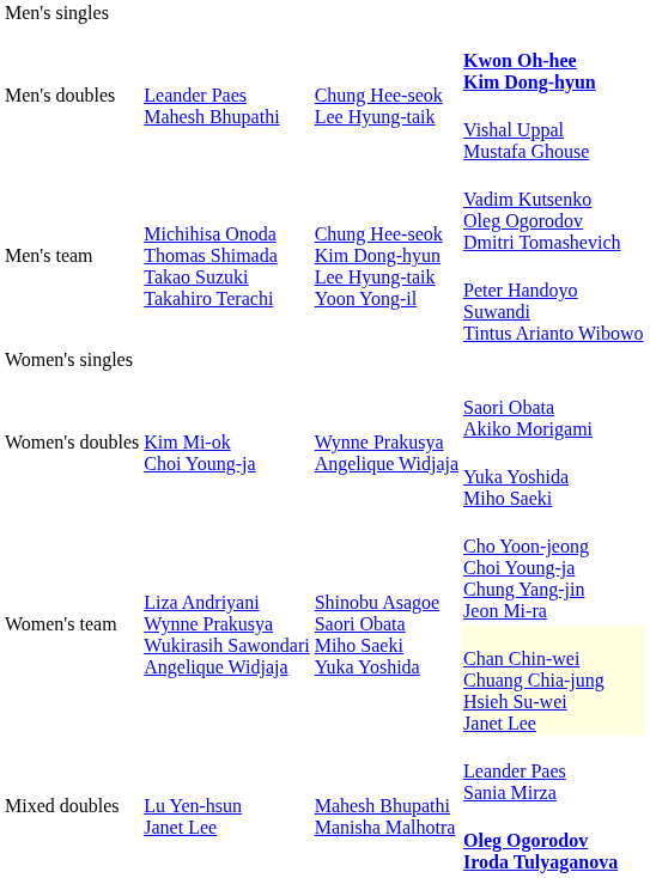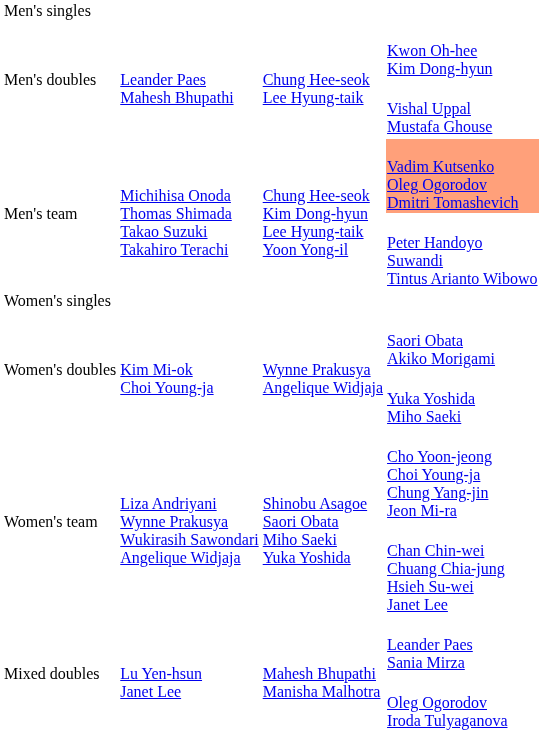 <table>
 <tr>
 <td rowspan=2>Men's singles<br></td>
 <td rowspan=2></td>
 <td rowspan=2></td>
 <td></td>
 </tr>
 <tr>
 <td></td>
 </tr>
 <tr>
 <td rowspan=2>Men's doubles<br></td>
 <td rowspan=2><br><a href='#'>Leander Paes</a><br><a href='#'>Mahesh Bhupathi</a></td>
 <td rowspan=2><br><a href='#'>Chung Hee-seok</a><br><a href='#'>Lee Hyung-taik</a></td>
-<td><strong><br><a href='#'>Kwon Oh-hee</a><br><a href='#'>Kim Dong-hyun</a></strong></td>
+<td><br><a href='#'>Kwon Oh-hee</a><br><a href='#'>Kim Dong-hyun</a></td>
 </tr>
 <tr>
 <td><br><a href='#'>Vishal Uppal</a><br><a href='#'>Mustafa Ghouse</a></td>
 </tr>
 <tr>
 <td rowspan=2>Men's team<br></td>
 <td rowspan=2><br><a href='#'>Michihisa Onoda</a><br><a href='#'>Thomas Shimada</a><br><a href='#'>Takao Suzuki</a><br><a href='#'>Takahiro Terachi</a></td>
 <td rowspan=2><br><a href='#'>Chung Hee-seok</a><br><a href='#'>Kim Dong-hyun</a><br><a href='#'>Lee Hyung-taik</a><br><a href='#'>Yoon Yong-il</a></td>
-<td><br><a href='#'>Vadim Kutsenko</a><br><a href='#'>Oleg Ogorodov</a><br><a href='#'>Dmitri Tomashevich</a></td>
+<td style="background: lightsalmon;"><br><a href='#'>Vadim Kutsenko</a><br><a href='#'>Oleg Ogorodov</a><br><a href='#'>Dmitri Tomashevich</a></td>
 </tr>
 <tr>
 <td><br><a href='#'>Peter Handoyo</a><br><a href='#'>Suwandi</a><br><a href='#'>Tintus Arianto Wibowo</a></td>
 </tr>
 <tr>
 <td rowspan=2>Women's singles<br></td>
 <td rowspan=2></td>
 <td rowspan=2></td>
 <td></td>
 </tr>
 <tr>
 <td></td>
 </tr>
 <tr>
 <td rowspan=2>Women's doubles<br></td>
 <td rowspan=2><br><a href='#'>Kim Mi-ok</a><br><a href='#'>Choi Young-ja</a></td>
 <td rowspan=2><br><a href='#'>Wynne Prakusya</a><br><a href='#'>Angelique Widjaja</a></td>
 <td><br><a href='#'>Saori Obata</a><br><a href='#'>Akiko Morigami</a></td>
 </tr>
 <tr>
 <td><br><a href='#'>Yuka Yoshida</a><br><a href='#'>Miho Saeki</a></td>
 </tr>
 <tr>
 <td rowspan=2>Women's team<br></td>
 <td rowspan=2><br><a href='#'>Liza Andriyani</a><br><a href='#'>Wynne Prakusya</a><br><a href='#'>Wukirasih Sawondari</a><br><a href='#'>Angelique Widjaja</a></td>
 <td rowspan=2><br><a href='#'>Shinobu Asagoe</a><br><a href='#'>Saori Obata</a><br><a href='#'>Miho Saeki</a><br><a href='#'>Yuka Yoshida</a></td>
 <td><br><a href='#'>Cho Yoon-jeong</a><br><a href='#'>Choi Young-ja</a><br><a href='#'>Chung Yang-jin</a><br><a href='#'>Jeon Mi-ra</a></td>
 </tr>
 <tr>
-<td style="background: lightyellow;"><br><a href='#'>Chan Chin-wei</a><br><a href='#'>Chuang Chia-jung</a><br><a href='#'>Hsieh Su-wei</a><br><a href='#'>Janet Lee</a></td>
+<td><br><a href='#'>Chan Chin-wei</a><br><a href='#'>Chuang Chia-jung</a><br><a href='#'>Hsieh Su-wei</a><br><a href='#'>Janet Lee</a></td>
 </tr>
 <tr>
 <td rowspan=2>Mixed doubles<br></td>
 <td rowspan=2><br><a href='#'>Lu Yen-hsun</a><br><a href='#'>Janet Lee</a></td>
 <td rowspan=2><br><a href='#'>Mahesh Bhupathi</a><br><a href='#'>Manisha Malhotra</a></td>
 <td><br><a href='#'>Leander Paes</a><br><a href='#'>Sania Mirza</a></td>
 </tr>
 <tr>
-<td><strong><br><a href='#'>Oleg Ogorodov</a><br><a href='#'>Iroda Tulyaganova</a></strong></td>
+<td><br><a href='#'>Oleg Ogorodov</a><br><a href='#'>Iroda Tulyaganova</a></td>
 </tr>
 </table>
